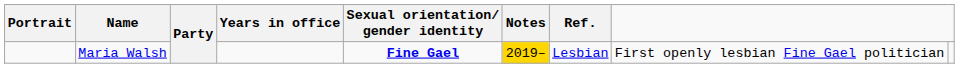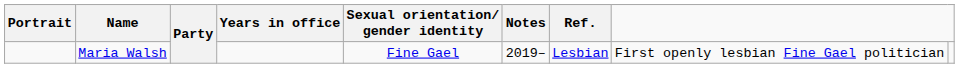 <table class="wikitable sortable" style="text-align:center">
 <tr>
 <th class=unsortable>Portrait</th>
 <th>Name</th>
 <th colspan="2" rowspan="2">Party</th>
 <th>Years in office</th>
 <th>Sexual orientation/<br>gender identity</th>
 <th>Notes</th>
 <th>Ref.</th>
 </tr>
 <tr>
 <td></td>
 <td><a href='#'>Maria Walsh</a><br></td>
 <td style="background-color:"></td>
-<td><strong><a href='#'>Fine Gael</a></strong></td>
-<td style="background: gold;">2019–</td>
+<td><a href='#'>Fine Gael</a></td>
+<td>2019–</td>
 <td><a href='#'>Lesbian</a></td>
 <td>First openly lesbian <a href='#'>Fine Gael</a> politician</td>
 <td></td>
 </tr>
 </table>
